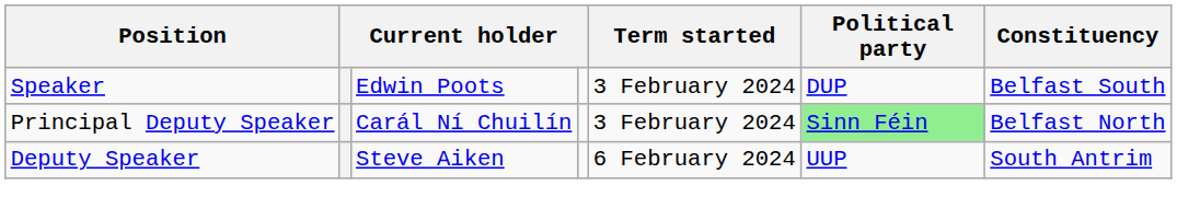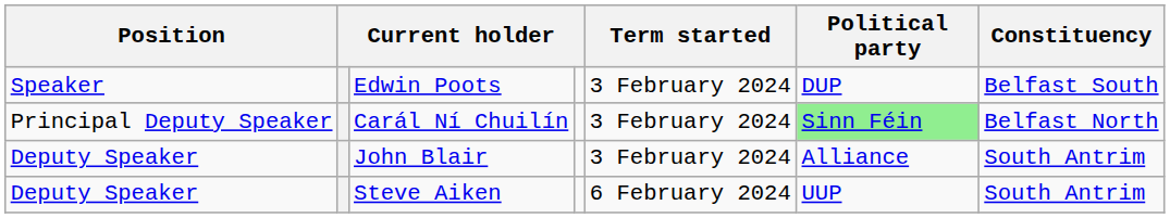 <table class="wikitable">
 <tr>
 <th>Position</th>
 <th colspan=3>Current holder</th>
 <th>Term started</th>
 <th width=100>Political party</th>
 <th>Constituency</th>
 </tr>
 <tr>
 <td><a href='#'>Speaker</a></td>
 <th style="background-color: "></th>
 <td><a href='#'>Edwin Poots</a></td>
 <td></td>
 <td>3 February 2024</td>
 <td><a href='#'>DUP</a></td>
 <td><a href='#'>Belfast South</a></td>
 </tr>
 <tr>
 <td>Principal <a href='#'>Deputy Speaker</a></td>
 <th style="background-color: "></th>
 <td><a href='#'>Carál Ní Chuilín</a></td>
 <td></td>
 <td>3 February 2024</td>
 <td style="background: lightgreen;"><a href='#'>Sinn Féin</a></td>
 <td><a href='#'>Belfast North</a></td>
 </tr>
 <tr>
 <td><a href='#'>Deputy Speaker</a></td>
 <th style="background-color: "></th>
+<td><a href='#'>John Blair</a></td>
+<td></td>
+<td>3 February 2024</td>
+<td><a href='#'>Alliance</a></td>
+<td><a href='#'>South Antrim</a></td>
+</tr>
+<tr>
+<td><a href='#'>Deputy Speaker</a></td>
+<th style="background-color: "></th>
 <td><a href='#'>Steve Aiken</a></td>
 <td></td>
 <td>6 February 2024</td>
 <td><a href='#'>UUP</a></td>
 <td><a href='#'>South Antrim</a></td>
 </tr>
 </table>
